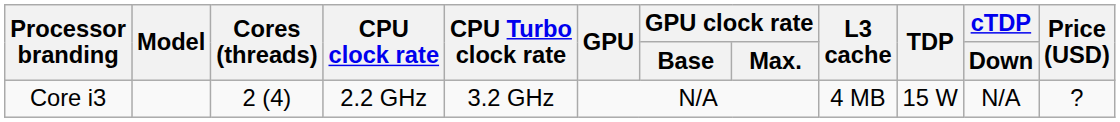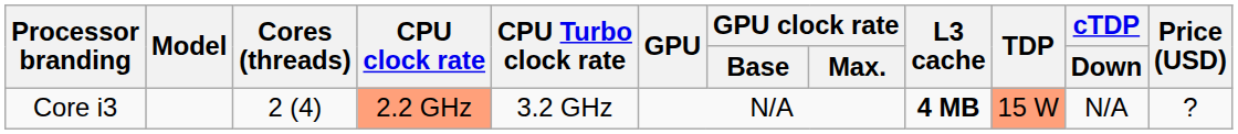 <table class="wikitable sortable" style="text-align: center;">
 <tr>
 <th rowspan="2">Processor<br>branding</th>
 <th rowspan="2">Model</th>
 <th rowspan="2">Cores<br>(threads)</th>
 <th rowspan="2">CPU<br><a href='#'>clock rate</a></th>
 <th rowspan="2">CPU <a href='#'>Turbo</a><br>clock rate</th>
 <th rowspan="2">GPU</th>
 <th colspan="2">GPU clock rate</th>
 <th rowspan="2">L3<br>cache</th>
 <th rowspan="2">TDP</th>
 <th><a href='#'>cTDP</a></th>
 <th rowspan="2">Price<br>(USD)</th>
 </tr>
 <tr>
 <th>Base</th>
 <th>Max.</th>
 <th>Down</th>
 </tr>
 <tr>
 <td>Core i3</td>
 <td></td>
 <td>2 (4)</td>
-<td>2.2 GHz</td>
+<td style="background: lightsalmon;">2.2 GHz</td>
 <td>3.2 GHz</td>
 <td colspan="3">N/A</td>
-<td>4 MB</td>
-<td>15 W</td>
+<td><strong>4 MB</strong></td>
+<td style="background: lightsalmon;">15 W</td>
 <td>N/A</td>
 <td>?</td>
 </tr>
 </table>
